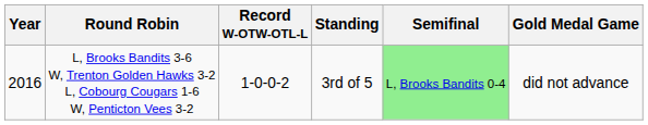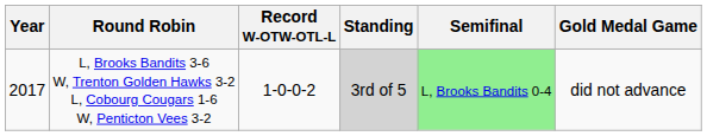 <table class="wikitable" style="text-align:center;">
 <tr>
 <th>Year</th>
 <th>Round Robin</th>
 <th>Record<br><small>W-OTW-OTL-L</small></th>
 <th>Standing</th>
 <th>Semifinal</th>
 <th>Gold Medal Game</th>
 </tr>
 <tr>
-<td>2016</td>
+<td>2017</td>
 <td><small>L, <a href='#'>Brooks Bandits</a> 3-6<br>W, <a href='#'>Trenton Golden Hawks</a> 3-2<br>L, <a href='#'>Cobourg Cougars</a> 1-6<br>W, <a href='#'>Penticton Vees</a> 3-2</small></td>
 <td>1-0-0-2</td>
-<td>3rd of 5</td>
+<td style="background: lightgrey;">3rd of 5</td>
 <td style="background: lightgreen;"><small>L, <a href='#'>Brooks Bandits</a> 0-4</small></td>
 <td>did not advance</td>
 </tr>
 </table>
